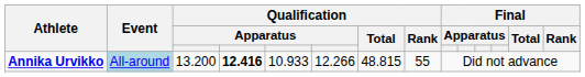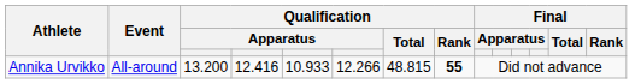 <table class="wikitable" style="font-size:90%">
 <tr>
 <th rowspan=3>Athlete</th>
 <th rowspan=3>Event</th>
 <th colspan =6>Qualification</th>
 <th colspan =6>Final</th>
 </tr>
 <tr style="font-size:95%">
 <th colspan=4>Apparatus</th>
 <th rowspan=2>Total</th>
 <th rowspan=2>Rank</th>
 <th colspan=4>Apparatus</th>
 <th rowspan=2>Total</th>
 <th rowspan=2>Rank</th>
 </tr>
 <tr style="font-size:95%">
 <th></th>
 <th></th>
 <th></th>
 <th></th>
 <th></th>
 <th></th>
 <th></th>
 <th></th>
 </tr>
 <tr align=center>
-<td align=left><strong><a href='#'>Annika Urvikko</a></strong></td>
-<td align=left style="background: lightblue;"><a href='#'>All-around</a></td>
+<td align=left><a href='#'>Annika Urvikko</a></td>
+<td align=left><a href='#'>All-around</a></td>
 <td>13.200</td>
-<td><strong>12.416</strong></td>
+<td>12.416</td>
 <td>10.933</td>
 <td>12.266</td>
 <td>48.815</td>
-<td>55</td>
+<td><strong>55</strong></td>
 <td colspan=6>Did not advance</td>
 </tr>
 </table>
